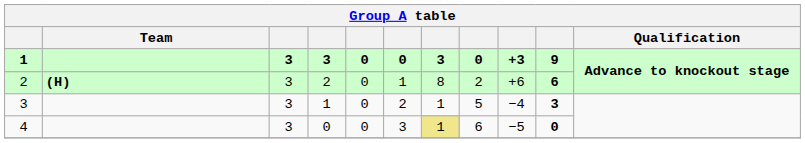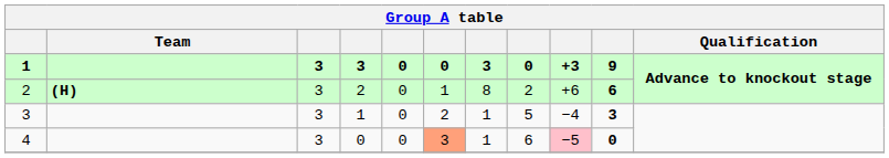 <table class="wikitable" style="text-align: center;">
 <tr>
 <th colspan="11"><a href='#'>Group A</a> table</th>
 </tr>
 <tr>
 <th width=30></th>
 <th width=210>Team</th>
 <th width=30></th>
 <th width=30></th>
 <th width=30></th>
 <th width=30></th>
 <th width=30></th>
 <th width=30></th>
 <th width=30></th>
 <th width=30></th>
 <th width=210>Qualification</th>
 </tr>
 <tr style="background:#ccffcc;">
 <td><strong>1</strong></td>
 <td align=left><strong></strong></td>
 <td><strong>3</strong></td>
 <td><strong>3</strong></td>
 <td><strong>0</strong></td>
 <td><strong>0</strong></td>
 <td><strong>3</strong></td>
 <td><strong>0</strong></td>
 <td><strong>+3</strong></td>
 <td><strong>9</strong></td>
 <td rowspan="2"><strong>Advance to knockout stage</strong></td>
 </tr>
 <tr style="background:#ccffcc;">
 <td>2</td>
 <td align=left> <strong>(H)</strong></td>
 <td>3</td>
 <td>2</td>
 <td>0</td>
 <td>1</td>
 <td>8</td>
 <td>2</td>
 <td>+6</td>
 <td><strong>6</strong></td>
 </tr>
 <tr>
 <td>3</td>
 <td align=left></td>
 <td>3</td>
 <td>1</td>
 <td>0</td>
 <td>2</td>
 <td>1</td>
 <td>5</td>
 <td>−4</td>
 <td><strong>3</strong></td>
 <td rowspan="2"></td>
 </tr>
 <tr>
 <td>4</td>
 <td align=left></td>
 <td>3</td>
 <td>0</td>
 <td>0</td>
-<td>3</td>
-<td style="background: khaki;">1</td>
+<td style="background: lightsalmon;">3</td>
+<td>1</td>
 <td>6</td>
-<td>−5</td>
+<td style="background: pink;">−5</td>
 <td><strong>0</strong></td>
 </tr>
 <tr>
 </tr>
 </table>
